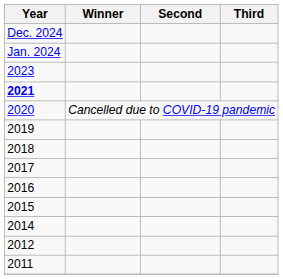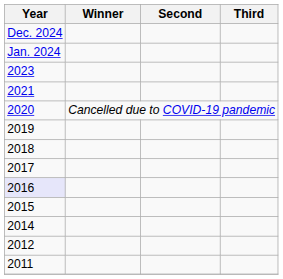 <table class="wikitable">
 <tr>
 <th>Year</th>
 <th>Winner</th>
 <th>Second</th>
 <th>Third</th>
 </tr>
 <tr>
 <td><a href='#'>Dec. 2024</a></td>
 <td></td>
 <td></td>
 <td></td>
 </tr>
 <tr>
 <td><a href='#'>Jan. 2024</a></td>
 <td></td>
 <td></td>
 <td></td>
 </tr>
 <tr>
 <td><a href='#'>2023</a></td>
 <td></td>
 <td></td>
 <td></td>
 </tr>
 <tr>
-<td><strong><a href='#'>2021</a></strong></td>
+<td><a href='#'>2021</a></td>
 <td></td>
 <td></td>
 <td></td>
 </tr>
 <tr>
 <td><a href='#'>2020</a></td>
 <td colspan=3 align=center><em>Cancelled due to <a href='#'>COVID-19 pandemic</a></em></td>
 </tr>
 <tr>
 <td>2019</td>
 <td></td>
 <td></td>
 <td></td>
 </tr>
 <tr>
 <td>2018</td>
 <td></td>
 <td></td>
 <td></td>
 </tr>
 <tr>
 <td>2017</td>
 <td></td>
 <td></td>
 <td></td>
 </tr>
 <tr>
-<td>2016</td>
+<td style="background: lavender;">2016</td>
 <td></td>
 <td></td>
 <td></td>
 </tr>
 <tr>
 <td>2015</td>
 <td></td>
 <td></td>
 <td></td>
 </tr>
 <tr>
 <td>2014</td>
 <td></td>
 <td></td>
 <td></td>
 </tr>
 <tr>
 <td>2012</td>
 <td></td>
 <td></td>
 <td></td>
 </tr>
 <tr>
 <td>2011</td>
 <td></td>
 <td></td>
 <td></td>
 </tr>
 <tr>
 </tr>
 </table>
